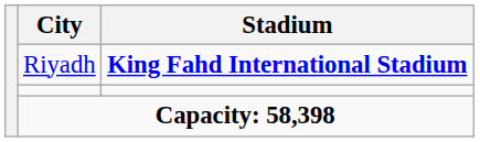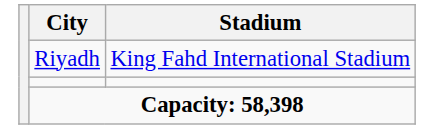 <table class="wikitable" style="text-align:center;margin:1em auto;">
 <tr>
 <th rowspan="4"></th>
 <th>City</th>
 <th>Stadium</th>
 </tr>
 <tr>
 <td><a href='#'>Riyadh</a></td>
-<td><strong><a href='#'>King Fahd International Stadium</a></strong></td>
+<td><a href='#'>King Fahd International Stadium</a></td>
 </tr>
 <tr>
 <td></td>
 <td></td>
 </tr>
 <tr>
 <td colspan="2"><strong>Capacity: 58,398</strong></td>
 </tr>
 </table>
